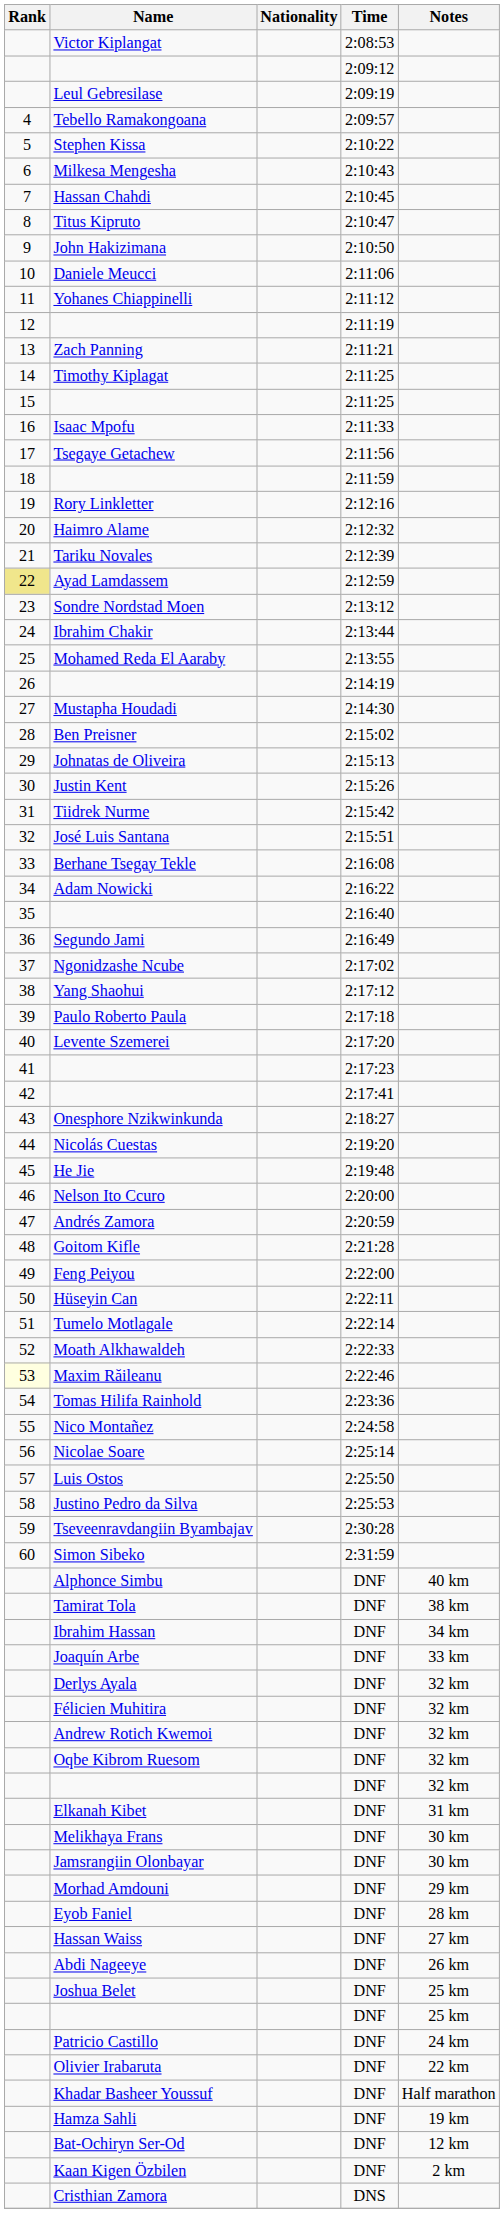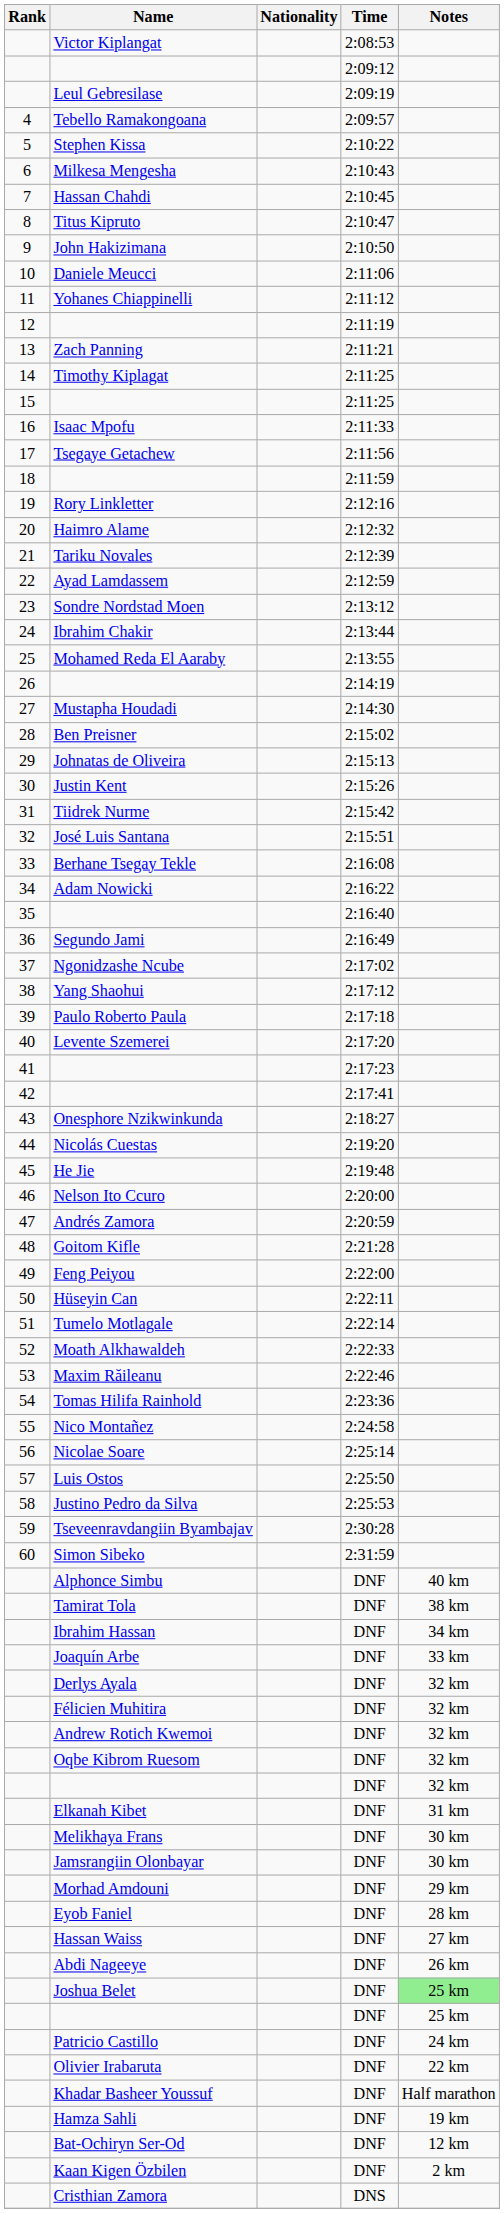 <table class="wikitable sortable" style="text-align:center">
 <tr>
 <th scope="col">Rank</th>
 <th scope="col">Name</th>
 <th scope="col">Nationality</th>
 <th scope="col">Time</th>
 <th scope="col">Notes</th>
 </tr>
 <tr>
 <td></td>
 <td align="left"><a href='#'>Victor Kiplangat</a></td>
 <td align="left"></td>
 <td>2:08:53</td>
 <td></td>
 </tr>
 <tr>
 <td></td>
 <td align="left"></td>
 <td align="left"></td>
 <td>2:09:12</td>
 <td></td>
 </tr>
 <tr>
 <td></td>
 <td align="left"><a href='#'>Leul Gebresilase</a></td>
 <td align="left"></td>
 <td>2:09:19</td>
 <td></td>
 </tr>
 <tr>
 <td>4</td>
 <td align="left"><a href='#'>Tebello Ramakongoana</a></td>
 <td align="left"></td>
 <td>2:09:57</td>
 <td></td>
 </tr>
 <tr>
 <td>5</td>
 <td align="left"><a href='#'>Stephen Kissa</a></td>
 <td align="left"></td>
 <td>2:10:22</td>
 <td></td>
 </tr>
 <tr>
 <td>6</td>
 <td align="left"><a href='#'>Milkesa Mengesha</a></td>
 <td align="left"></td>
 <td>2:10:43</td>
 <td></td>
 </tr>
 <tr>
 <td>7</td>
 <td align="left"><a href='#'>Hassan Chahdi</a></td>
 <td align="left"></td>
 <td>2:10:45</td>
 <td></td>
 </tr>
 <tr>
 <td>8</td>
 <td align="left"><a href='#'>Titus Kipruto</a></td>
 <td align="left"></td>
 <td>2:10:47</td>
 <td></td>
 </tr>
 <tr>
 <td>9</td>
 <td align="left"><a href='#'>John Hakizimana</a></td>
 <td align="left"></td>
 <td>2:10:50</td>
 <td></td>
 </tr>
 <tr>
 <td>10</td>
 <td align="left"><a href='#'>Daniele Meucci</a></td>
 <td align="left"></td>
 <td>2:11:06</td>
 <td></td>
 </tr>
 <tr>
 <td>11</td>
 <td align="left"><a href='#'>Yohanes Chiappinelli</a></td>
 <td align="left"></td>
 <td>2:11:12</td>
 <td></td>
 </tr>
 <tr>
 <td>12</td>
 <td align="left"></td>
 <td align="left"></td>
 <td>2:11:19</td>
 <td></td>
 </tr>
 <tr>
 <td>13</td>
 <td align="left"><a href='#'>Zach Panning</a></td>
 <td align="left"></td>
 <td>2:11:21</td>
 <td></td>
 </tr>
 <tr>
 <td>14</td>
 <td align="left"><a href='#'>Timothy Kiplagat</a></td>
 <td align="left"></td>
 <td>2:11:25</td>
 <td></td>
 </tr>
 <tr>
 <td>15</td>
 <td align="left"></td>
 <td align="left"></td>
 <td>2:11:25</td>
 <td></td>
 </tr>
 <tr>
 <td>16</td>
 <td align="left"><a href='#'>Isaac Mpofu</a></td>
 <td align="left"></td>
 <td>2:11:33</td>
 <td></td>
 </tr>
 <tr>
 <td>17</td>
 <td align="left"><a href='#'>Tsegaye Getachew</a></td>
 <td align="left"></td>
 <td>2:11:56</td>
 <td></td>
 </tr>
 <tr>
 <td>18</td>
 <td align="left"></td>
 <td align="left"></td>
 <td>2:11:59</td>
 <td></td>
 </tr>
 <tr>
 <td>19</td>
 <td align="left"><a href='#'>Rory Linkletter</a></td>
 <td align="left"></td>
 <td>2:12:16</td>
 <td></td>
 </tr>
 <tr>
 <td>20</td>
 <td align="left"><a href='#'>Haimro Alame</a></td>
 <td align="left"></td>
 <td>2:12:32</td>
 <td></td>
 </tr>
 <tr>
 <td>21</td>
 <td align="left"><a href='#'>Tariku Novales</a></td>
 <td align="left"></td>
 <td>2:12:39</td>
 <td></td>
 </tr>
 <tr>
-<td style="background: khaki;">22</td>
+<td>22</td>
 <td align="left"><a href='#'>Ayad Lamdassem</a></td>
 <td align="left"></td>
 <td>2:12:59</td>
 <td></td>
 </tr>
 <tr>
 <td>23</td>
 <td align="left"><a href='#'>Sondre Nordstad Moen</a></td>
 <td align="left"></td>
 <td>2:13:12</td>
 <td></td>
 </tr>
 <tr>
 <td>24</td>
 <td align="left"><a href='#'>Ibrahim Chakir</a></td>
 <td align="left"></td>
 <td>2:13:44</td>
 <td></td>
 </tr>
 <tr>
 <td>25</td>
 <td align="left"><a href='#'>Mohamed Reda El Aaraby</a></td>
 <td align="left"></td>
 <td>2:13:55</td>
 <td></td>
 </tr>
 <tr>
 <td>26</td>
 <td align="left"></td>
 <td align="left"></td>
 <td>2:14:19</td>
 <td></td>
 </tr>
 <tr>
 <td>27</td>
 <td align="left"><a href='#'>Mustapha Houdadi</a></td>
 <td align="left"></td>
 <td>2:14:30</td>
 <td></td>
 </tr>
 <tr>
 <td>28</td>
 <td align="left"><a href='#'>Ben Preisner</a></td>
 <td align="left"></td>
 <td>2:15:02</td>
 <td></td>
 </tr>
 <tr>
 <td>29</td>
 <td align="left"><a href='#'>Johnatas de Oliveira</a></td>
 <td align="left"></td>
 <td>2:15:13</td>
 <td></td>
 </tr>
 <tr>
 <td>30</td>
 <td align="left"><a href='#'>Justin Kent</a></td>
 <td align="left"></td>
 <td>2:15:26</td>
 <td></td>
 </tr>
 <tr>
 <td>31</td>
 <td align="left"><a href='#'>Tiidrek Nurme</a></td>
 <td align="left"></td>
 <td>2:15:42</td>
 <td></td>
 </tr>
 <tr>
 <td>32</td>
 <td align="left"><a href='#'>José Luis Santana</a></td>
 <td align="left"></td>
 <td>2:15:51</td>
 <td></td>
 </tr>
 <tr>
 <td>33</td>
 <td align="left"><a href='#'>Berhane Tsegay Tekle</a></td>
 <td align="left"></td>
 <td>2:16:08</td>
 <td></td>
 </tr>
 <tr>
 <td>34</td>
 <td align="left"><a href='#'>Adam Nowicki</a></td>
 <td align="left"></td>
 <td>2:16:22</td>
 <td></td>
 </tr>
 <tr>
 <td>35</td>
 <td align="left"></td>
 <td align="left"></td>
 <td>2:16:40</td>
 <td></td>
 </tr>
 <tr>
 <td>36</td>
 <td align="left"><a href='#'>Segundo Jami</a></td>
 <td align="left"></td>
 <td>2:16:49</td>
 <td></td>
 </tr>
 <tr>
 <td>37</td>
 <td align="left"><a href='#'>Ngonidzashe Ncube</a></td>
 <td align="left"></td>
 <td>2:17:02</td>
 <td></td>
 </tr>
 <tr>
 <td>38</td>
 <td align="left"><a href='#'>Yang Shaohui</a></td>
 <td align="left"></td>
 <td>2:17:12</td>
 <td></td>
 </tr>
 <tr>
 <td>39</td>
 <td align="left"><a href='#'>Paulo Roberto Paula</a></td>
 <td align="left"></td>
 <td>2:17:18</td>
 <td></td>
 </tr>
 <tr>
 <td>40</td>
 <td align="left"><a href='#'>Levente Szemerei</a></td>
 <td align="left"></td>
 <td>2:17:20</td>
 <td></td>
 </tr>
 <tr>
 <td>41</td>
 <td align="left"></td>
 <td align="left"></td>
 <td>2:17:23</td>
 <td></td>
 </tr>
 <tr>
 <td>42</td>
 <td align="left"></td>
 <td align="left"></td>
 <td>2:17:41</td>
 <td></td>
 </tr>
 <tr>
 <td>43</td>
 <td align="left"><a href='#'>Onesphore Nzikwinkunda</a></td>
 <td align="left"></td>
 <td>2:18:27</td>
 <td></td>
 </tr>
 <tr>
 <td>44</td>
 <td align="left"><a href='#'>Nicolás Cuestas</a></td>
 <td align="left"></td>
 <td>2:19:20</td>
 <td></td>
 </tr>
 <tr>
 <td>45</td>
 <td align="left"><a href='#'>He Jie</a></td>
 <td align="left"></td>
 <td>2:19:48</td>
 <td></td>
 </tr>
 <tr>
 <td>46</td>
 <td align="left"><a href='#'>Nelson Ito Ccuro</a></td>
 <td align="left"></td>
 <td>2:20:00</td>
 <td></td>
 </tr>
 <tr>
 <td>47</td>
 <td align="left"><a href='#'>Andrés Zamora</a></td>
 <td align="left"></td>
 <td>2:20:59</td>
 <td></td>
 </tr>
 <tr>
 <td>48</td>
 <td align="left"><a href='#'>Goitom Kifle</a></td>
 <td align="left"></td>
 <td>2:21:28</td>
 <td></td>
 </tr>
 <tr>
 <td>49</td>
 <td align="left"><a href='#'>Feng Peiyou</a></td>
 <td align="left"></td>
 <td>2:22:00</td>
 <td></td>
 </tr>
 <tr>
 <td>50</td>
 <td align="left"><a href='#'>Hüseyin Can</a></td>
 <td align="left"></td>
 <td>2:22:11</td>
 <td></td>
 </tr>
 <tr>
 <td>51</td>
 <td align="left"><a href='#'>Tumelo Motlagale</a></td>
 <td align="left"></td>
 <td>2:22:14</td>
 <td></td>
 </tr>
 <tr>
 <td>52</td>
 <td align="left"><a href='#'>Moath Alkhawaldeh</a></td>
 <td align="left"></td>
 <td>2:22:33</td>
 <td></td>
 </tr>
 <tr>
-<td style="background: lightyellow;">53</td>
+<td>53</td>
 <td align="left"><a href='#'>Maxim Răileanu</a></td>
 <td align="left"></td>
 <td>2:22:46</td>
 <td></td>
 </tr>
 <tr>
 <td>54</td>
 <td align="left"><a href='#'>Tomas Hilifa Rainhold</a></td>
 <td align="left"></td>
 <td>2:23:36</td>
 <td></td>
 </tr>
 <tr>
 <td>55</td>
 <td align="left"><a href='#'>Nico Montañez</a></td>
 <td align="left"></td>
 <td>2:24:58</td>
 <td></td>
 </tr>
 <tr>
 <td>56</td>
 <td align="left"><a href='#'>Nicolae Soare</a></td>
 <td align="left"></td>
 <td>2:25:14</td>
 <td></td>
 </tr>
 <tr>
 <td>57</td>
 <td align="left"><a href='#'>Luis Ostos</a></td>
 <td align="left"></td>
 <td>2:25:50</td>
 <td></td>
 </tr>
 <tr>
 <td>58</td>
 <td align="left"><a href='#'>Justino Pedro da Silva</a></td>
 <td align="left"></td>
 <td>2:25:53</td>
 <td></td>
 </tr>
 <tr>
 <td>59</td>
 <td align="left"><a href='#'>Tseveenravdangiin Byambajav</a></td>
 <td align="left"></td>
 <td>2:30:28</td>
 <td></td>
 </tr>
 <tr>
 <td>60</td>
 <td align="left"><a href='#'>Simon Sibeko</a></td>
 <td align="left"></td>
 <td>2:31:59</td>
 <td></td>
 </tr>
 <tr>
 <td></td>
 <td align="left"><a href='#'>Alphonce Simbu</a></td>
 <td align="left"></td>
 <td>DNF</td>
 <td>40 km</td>
 </tr>
 <tr>
 <td></td>
 <td align="left"><a href='#'>Tamirat Tola</a></td>
 <td align="left"></td>
 <td>DNF</td>
 <td>38 km</td>
 </tr>
 <tr>
 <td></td>
 <td align="left"><a href='#'>Ibrahim Hassan</a></td>
 <td align="left"></td>
 <td>DNF</td>
 <td>34 km</td>
 </tr>
 <tr>
 <td></td>
 <td align="left"><a href='#'>Joaquín Arbe</a></td>
 <td align="left"></td>
 <td>DNF</td>
 <td>33 km</td>
 </tr>
 <tr>
 <td></td>
 <td align="left"><a href='#'>Derlys Ayala</a></td>
 <td align="left"></td>
 <td>DNF</td>
 <td>32 km</td>
 </tr>
 <tr>
 <td></td>
 <td align="left"><a href='#'>Félicien Muhitira</a></td>
 <td align="left"></td>
 <td>DNF</td>
 <td>32 km</td>
 </tr>
 <tr>
 <td></td>
 <td align="left"><a href='#'>Andrew Rotich Kwemoi</a></td>
 <td align="left"></td>
 <td>DNF</td>
 <td>32 km</td>
 </tr>
 <tr>
 <td></td>
 <td align="left"><a href='#'>Oqbe Kibrom Ruesom</a></td>
 <td align="left"></td>
 <td>DNF</td>
 <td>32 km</td>
 </tr>
 <tr>
 <td></td>
 <td align="left"></td>
 <td align="left"></td>
 <td>DNF</td>
 <td>32 km</td>
 </tr>
 <tr>
 <td></td>
 <td align="left"><a href='#'>Elkanah Kibet</a></td>
 <td align="left"></td>
 <td>DNF</td>
 <td>31 km</td>
 </tr>
 <tr>
 <td></td>
 <td align="left"><a href='#'>Melikhaya Frans</a></td>
 <td align="left"></td>
 <td>DNF</td>
 <td>30 km</td>
 </tr>
 <tr>
 <td></td>
 <td align="left"><a href='#'>Jamsrangiin Olonbayar</a></td>
 <td align="left"></td>
 <td>DNF</td>
 <td>30 km</td>
 </tr>
 <tr>
 <td></td>
 <td align="left"><a href='#'>Morhad Amdouni</a></td>
 <td align="left"></td>
 <td>DNF</td>
 <td>29 km</td>
 </tr>
 <tr>
 <td></td>
 <td align="left"><a href='#'>Eyob Faniel</a></td>
 <td align="left"></td>
 <td>DNF</td>
 <td>28 km</td>
 </tr>
 <tr>
 <td></td>
 <td align="left"><a href='#'>Hassan Waiss</a></td>
 <td align="left"></td>
 <td>DNF</td>
 <td>27 km</td>
 </tr>
 <tr>
 <td></td>
 <td align="left"><a href='#'>Abdi Nageeye</a></td>
 <td align="left"></td>
 <td>DNF</td>
 <td>26 km</td>
 </tr>
 <tr>
 <td></td>
 <td align="left"><a href='#'>Joshua Belet</a></td>
 <td align="left"></td>
 <td>DNF</td>
-<td>25 km</td>
+<td style="background: lightgreen;">25 km</td>
 </tr>
 <tr>
 <td></td>
 <td align="left"></td>
 <td align="left"></td>
 <td>DNF</td>
 <td>25 km</td>
 </tr>
 <tr>
 <td></td>
 <td align="left"><a href='#'>Patricio Castillo</a></td>
 <td align="left"></td>
 <td>DNF</td>
 <td>24 km</td>
 </tr>
 <tr>
 <td></td>
 <td align="left"><a href='#'>Olivier Irabaruta</a></td>
 <td align="left"></td>
 <td>DNF</td>
 <td>22 km</td>
 </tr>
 <tr>
 <td></td>
 <td align="left"><a href='#'>Khadar Basheer Youssuf</a></td>
 <td align="left"></td>
 <td>DNF</td>
 <td>Half marathon</td>
 </tr>
 <tr>
 <td></td>
 <td align="left"><a href='#'>Hamza Sahli</a></td>
 <td align="left"></td>
 <td>DNF</td>
 <td>19 km</td>
 </tr>
 <tr>
 <td></td>
 <td align="left"><a href='#'>Bat-Ochiryn Ser-Od</a></td>
 <td align="left"></td>
 <td>DNF</td>
 <td>12 km</td>
 </tr>
 <tr>
 <td></td>
 <td align="left"><a href='#'>Kaan Kigen Özbilen</a></td>
 <td align="left"></td>
 <td>DNF</td>
 <td>2 km</td>
 </tr>
 <tr>
 <td></td>
 <td align="left"><a href='#'>Cristhian Zamora</a></td>
 <td align="left"></td>
 <td>DNS</td>
 <td></td>
 </tr>
 <tr>
 </tr>
 </table>
